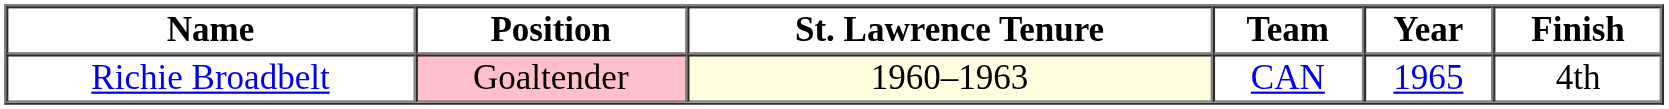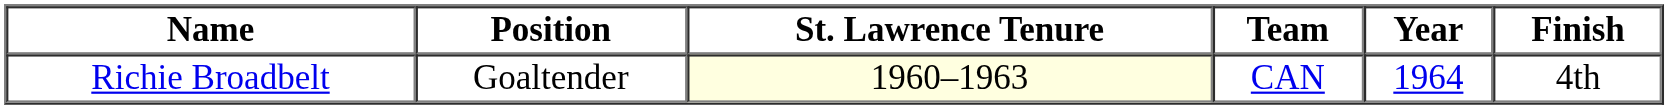 <table cellpadding="1" border="1" cellspacing="0" width="60%">
 <tr>
 <th>Name</th>
 <th>Position</th>
 <th>St. Lawrence Tenure</th>
 <th>Team</th>
 <th>Year</th>
 <th>Finish</th>
 </tr>
 <tr align="center">
 <td><a href='#'>Richie Broadbelt</a></td>
-<td style="background: pink;">Goaltender</td>
+<td>Goaltender</td>
 <td style="background: lightyellow;">1960–1963</td>
 <td> <a href='#'>CAN</a></td>
-<td><a href='#'>1965</a></td>
+<td><a href='#'>1964</a></td>
 <td>4th</td>
 </tr>
 </table>
